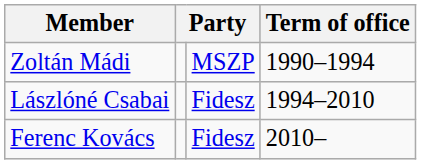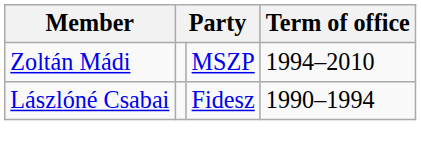 <table class=wikitable>
 <tr>
 <th>Member</th>
 <th colspan=2>Party</th>
 <th>Term of office</th>
 </tr>
 <tr>
 <td><a href='#'>Zoltán Mádi</a></td>
 <td style="background-color:"></td>
 <td><a href='#'>MSZP</a></td>
-<td>1990–1994</td>
+<td>1994–2010</td>
 </tr>
 <tr>
 <td><a href='#'>Lászlóné Csabai</a></td>
 <td style="background-color:"></td>
 <td><a href='#'>Fidesz</a></td>
-<td>1994–2010</td>
-</tr>
-<tr>
-<td><a href='#'>Ferenc Kovács</a></td>
-<td style="background-color:"></td>
-<td><a href='#'>Fidesz</a></td>
-<td>2010–</td>
+<td>1990–1994</td>
 </tr>
 </table>
